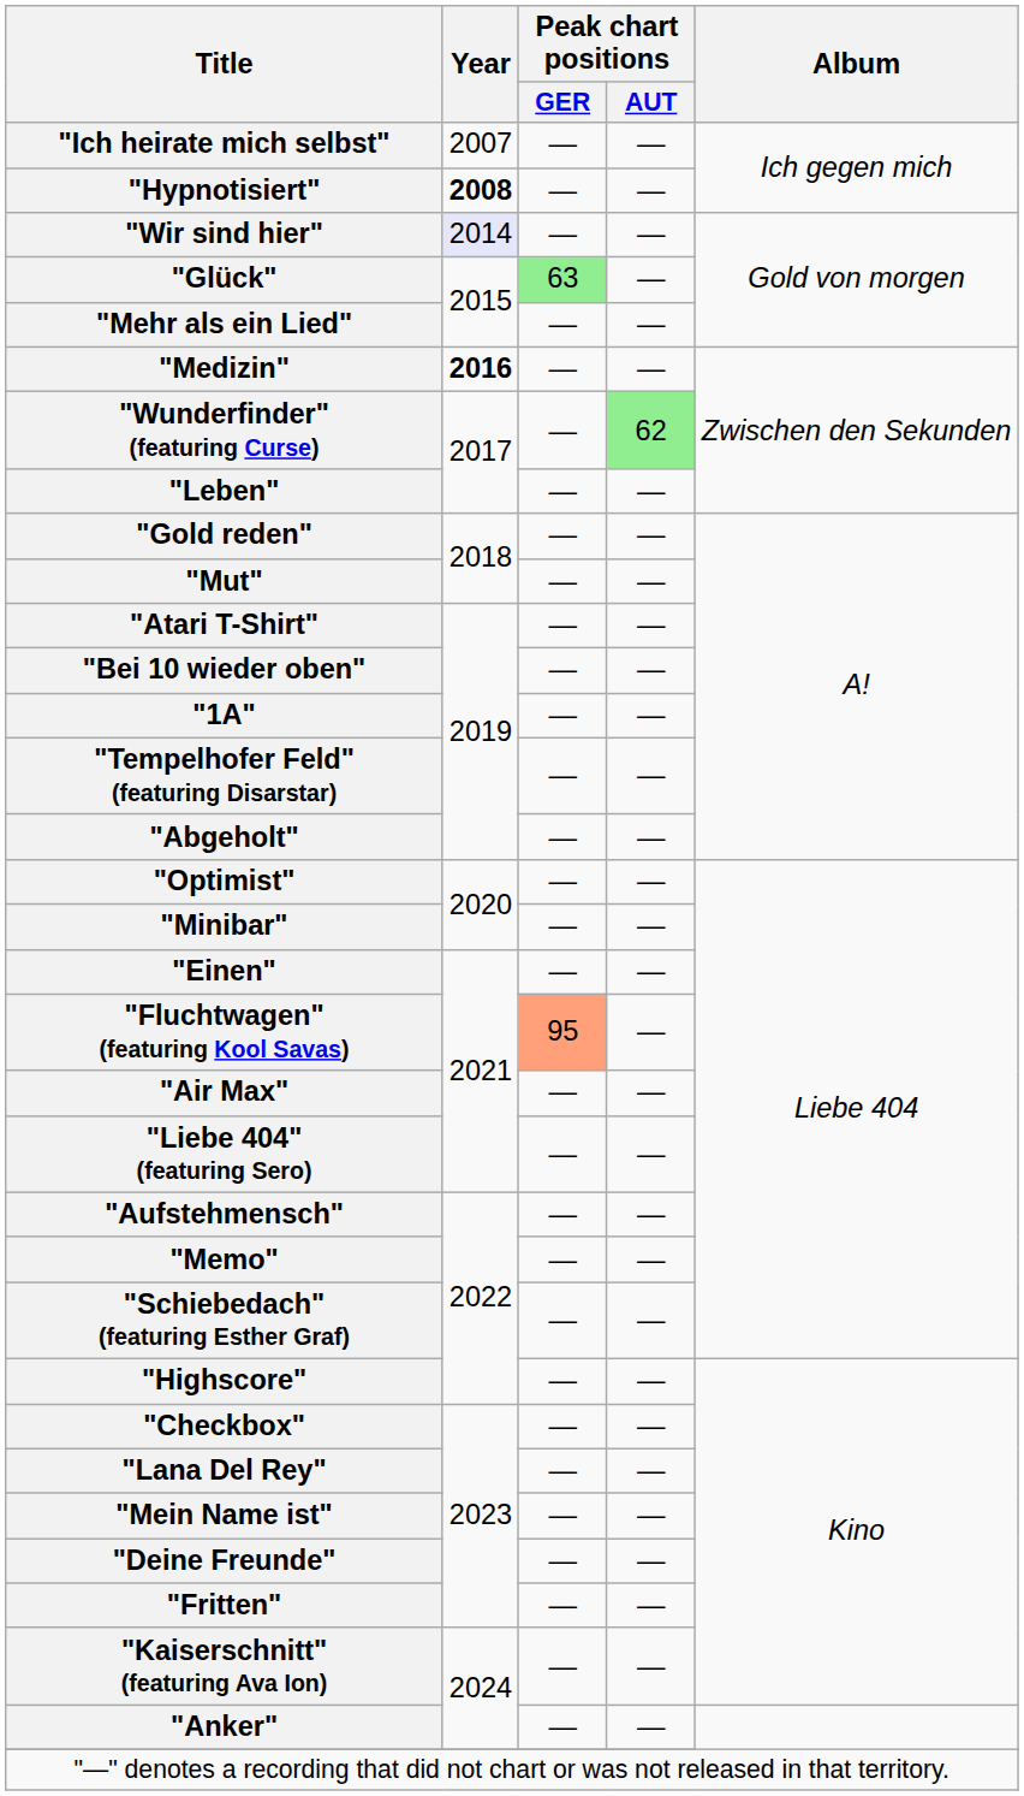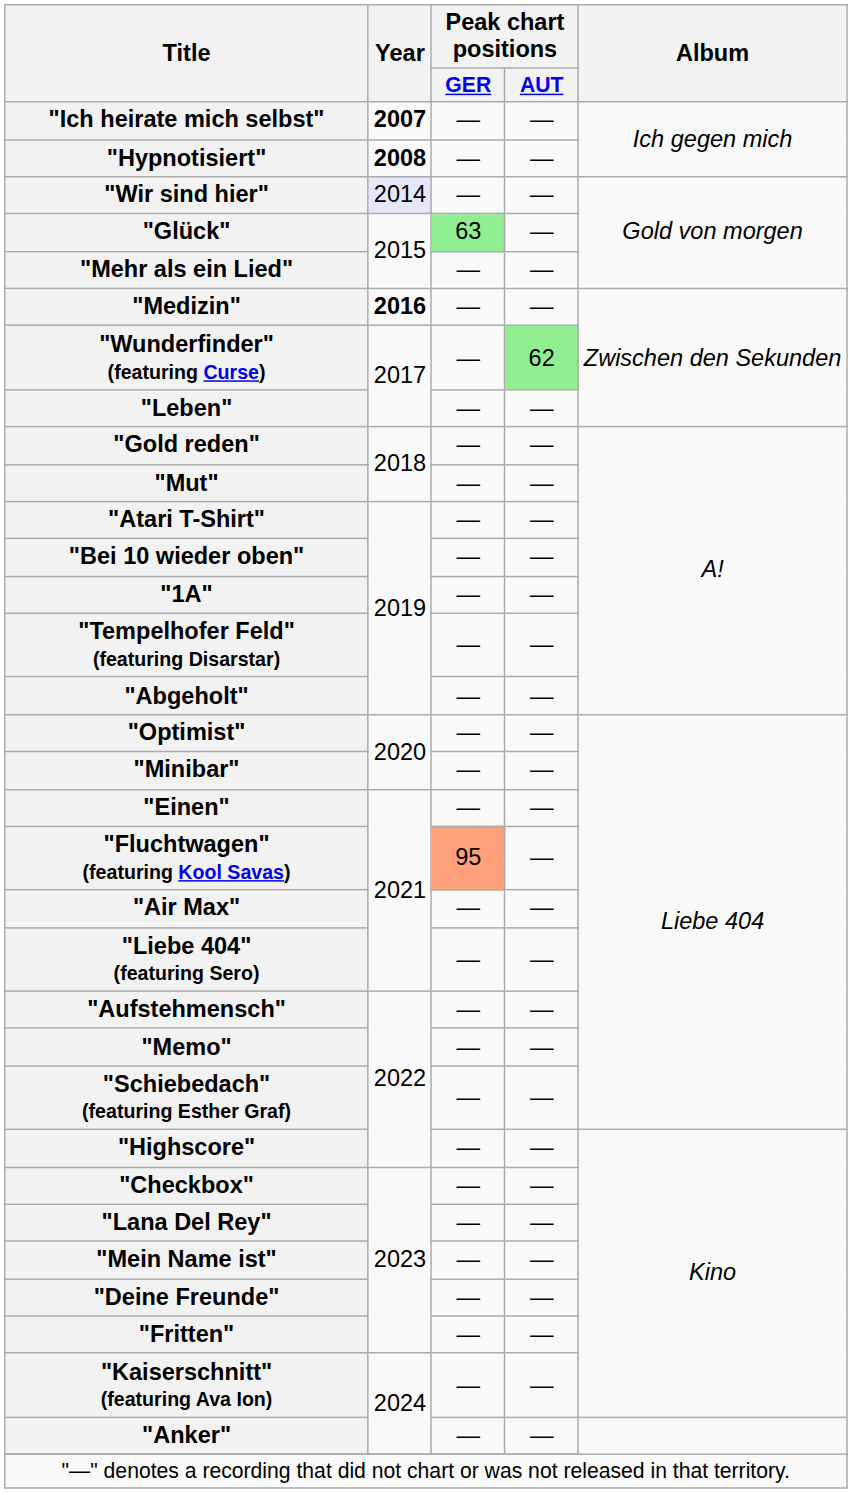 <table class="wikitable plainrowheaders" style="text-align:center;">
 <tr>
 <th scope="col" rowspan="2" style="width:15em;">Title</th>
 <th scope="col" rowspan="2">Year</th>
 <th scope="col" colspan="2">Peak chart positions</th>
 <th scope="col" rowspan="2">Album</th>
 </tr>
 <tr>
 <th scope="col" style="width:3em;font-size:90%;"><a href='#'>GER</a><br></th>
 <th scope="col" style="width:3em;font-size:90%;"><a href='#'>AUT</a><br></th>
 </tr>
 <tr>
 <th scope="row">"Ich heirate mich selbst"</th>
-<td>2007</td>
+<td><strong>2007</strong></td>
 <td>—</td>
 <td>—</td>
 <td rowspan="2"><em>Ich gegen mich</em></td>
 </tr>
 <tr>
 <th scope="row">"Hypnotisiert"</th>
 <td><strong>2008</strong></td>
 <td>—</td>
 <td>—</td>
 </tr>
 <tr>
 <th scope="row">"Wir sind hier"</th>
 <td style="background: lavender;">2014</td>
 <td>—</td>
 <td>—</td>
 <td rowspan="3"><em>Gold von morgen</em></td>
 </tr>
 <tr>
 <th scope="row">"Glück"</th>
 <td rowspan="2">2015</td>
 <td style="background: lightgreen;">63</td>
 <td>—</td>
 </tr>
 <tr>
 <th scope="row">"Mehr als ein Lied"</th>
 <td>—</td>
 <td>—</td>
 </tr>
 <tr>
 <th scope="row">"Medizin"</th>
 <td><strong>2016</strong></td>
 <td>—</td>
 <td>—</td>
 <td rowspan="3"><em>Zwischen den Sekunden</em></td>
 </tr>
 <tr>
 <th scope="row">"Wunderfinder" <br><small>(featuring <a href='#'>Curse</a>)</small></th>
 <td rowspan="2">2017</td>
 <td>—</td>
 <td style="background: lightgreen;">62</td>
 </tr>
 <tr>
 <th scope="row">"Leben"</th>
 <td>—</td>
 <td>—</td>
 </tr>
 <tr>
 <th scope="row">"Gold reden"</th>
 <td rowspan="2">2018</td>
 <td>—</td>
 <td>—</td>
 <td rowspan="7"><em>A!</em></td>
 </tr>
 <tr>
 <th scope="row">"Mut"</th>
 <td>—</td>
 <td>—</td>
 </tr>
 <tr>
 <th scope="row">"Atari T-Shirt"</th>
 <td rowspan="5">2019</td>
 <td>—</td>
 <td>—</td>
 </tr>
 <tr>
 <th scope="row">"Bei 10 wieder oben"</th>
 <td>—</td>
 <td>—</td>
 </tr>
 <tr>
 <th scope="row">"1A"</th>
 <td>—</td>
 <td>—</td>
 </tr>
 <tr>
 <th scope="row">"Tempelhofer Feld"<br><small>(featuring Disarstar)</small></th>
 <td>—</td>
 <td>—</td>
 </tr>
 <tr>
 <th scope="row">"Abgeholt"</th>
 <td>—</td>
 <td>—</td>
 </tr>
 <tr>
 <th scope="row">"Optimist"</th>
 <td rowspan="2">2020</td>
 <td>—</td>
 <td>—</td>
 <td rowspan="9"><em>Liebe 404</em></td>
 </tr>
 <tr>
 <th scope="row">"Minibar"</th>
 <td>—</td>
 <td>—</td>
 </tr>
 <tr>
 <th scope="row">"Einen"</th>
 <td rowspan="4">2021</td>
 <td>—</td>
 <td>—</td>
 </tr>
 <tr>
 <th scope="row">"Fluchtwagen"<br><small>(featuring <a href='#'>Kool Savas</a>)</small></th>
 <td style="background: lightsalmon;">95</td>
 <td>—</td>
 </tr>
 <tr>
 <th scope="row">"Air Max"</th>
 <td>—</td>
 <td>—</td>
 </tr>
 <tr>
 <th scope="row">"Liebe 404"<br><small>(featuring Sero)</small></th>
 <td>—</td>
 <td>—</td>
 </tr>
 <tr>
 <th scope="row">"Aufstehmensch"</th>
 <td rowspan="4">2022</td>
 <td>—</td>
 <td>—</td>
 </tr>
 <tr>
 <th scope="row">"Memo"</th>
 <td>—</td>
 <td>—</td>
 </tr>
 <tr>
 <th scope="row">"Schiebedach"<br><small>(featuring Esther Graf)</small></th>
 <td>—</td>
 <td>—</td>
 </tr>
 <tr>
 <th scope="row">"Highscore"</th>
 <td>—</td>
 <td>—</td>
 <td rowspan="7"><em>Kino</em></td>
 </tr>
 <tr>
 <th scope="row">"Checkbox"</th>
 <td rowspan="5">2023</td>
 <td>—</td>
 <td>—</td>
 </tr>
 <tr>
 <th scope="row">"Lana Del Rey"</th>
 <td>—</td>
 <td>—</td>
 </tr>
 <tr>
 <th scope="row">"Mein Name ist"</th>
 <td>—</td>
 <td>—</td>
 </tr>
 <tr>
 <th scope="row">"Deine Freunde"</th>
 <td>—</td>
 <td>—</td>
 </tr>
 <tr>
 <th scope="row">"Fritten"</th>
 <td>—</td>
 <td>—</td>
 </tr>
 <tr>
 <th scope="row">"Kaiserschnitt" <br><small>(featuring Ava Ion)</small></th>
 <td rowspan="2">2024</td>
 <td>—</td>
 <td>—</td>
 </tr>
 <tr>
 <th scope="row">"Anker"</th>
 <td>—</td>
 <td>—</td>
 </tr>
 <tr>
 </tr>
 <tr>
 <td colspan="7" style="font-size:90%">"—" denotes a recording that did not chart or was not released in that territory.</td>
 </tr>
 </table>
